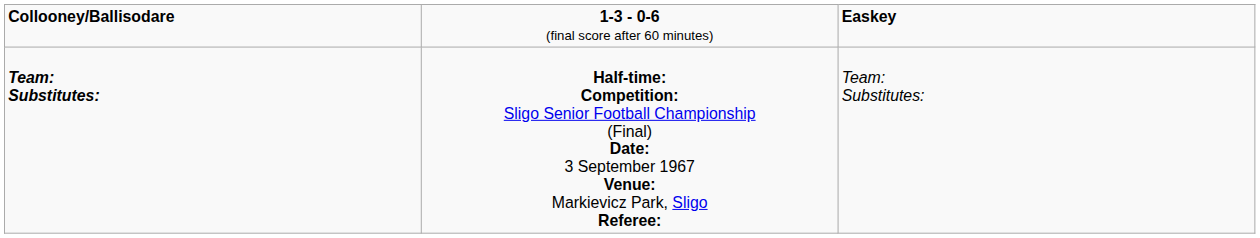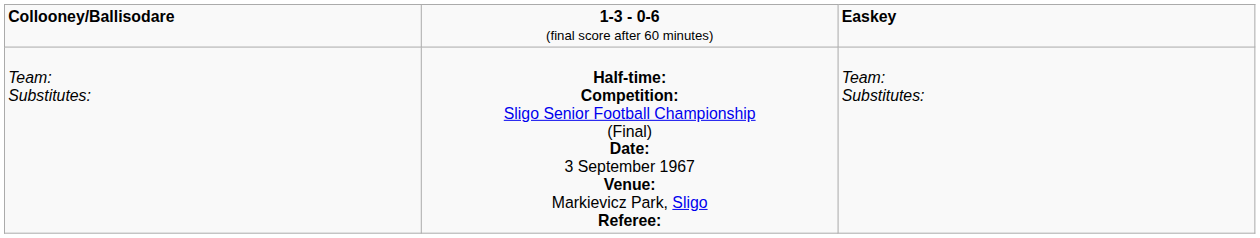 <table border=0 class="wikitable" width=100%>
 <tr>
 <td width=33% valign=top><span><strong>Collooney/Ballisodare</strong></span><br><small></small></td>
 <td width=33% valign=top align=center><span><strong>1-3 - 0-6</strong></span><br><small>(final score after 60 minutes)</small></td>
 <td width=33% valign=top><span><strong>Easkey</strong></span><br><small></small></td>
 </tr>
 <tr>
-<td valign=top><strong><br><em>Team:</em> <br><em>Substitutes:</em> <br></strong></td>
+<td valign=top><br><em>Team:</em> <br><em>Substitutes:</em> <br></td>
 <td valign=middle align=center><br><strong>Half-time:</strong><br><strong>Competition:</strong><br><a href='#'>Sligo Senior Football Championship</a><br>(Final)<br><strong>Date:</strong><br>3 September 1967<br><strong>Venue:</strong><br>Markievicz Park, <a href='#'>Sligo</a><br><strong>Referee:</strong><br></td>
 <td valign=top><br><em>Team:</em> <br><em>Substitutes:</em> <br></td>
 </tr>
 </table>
